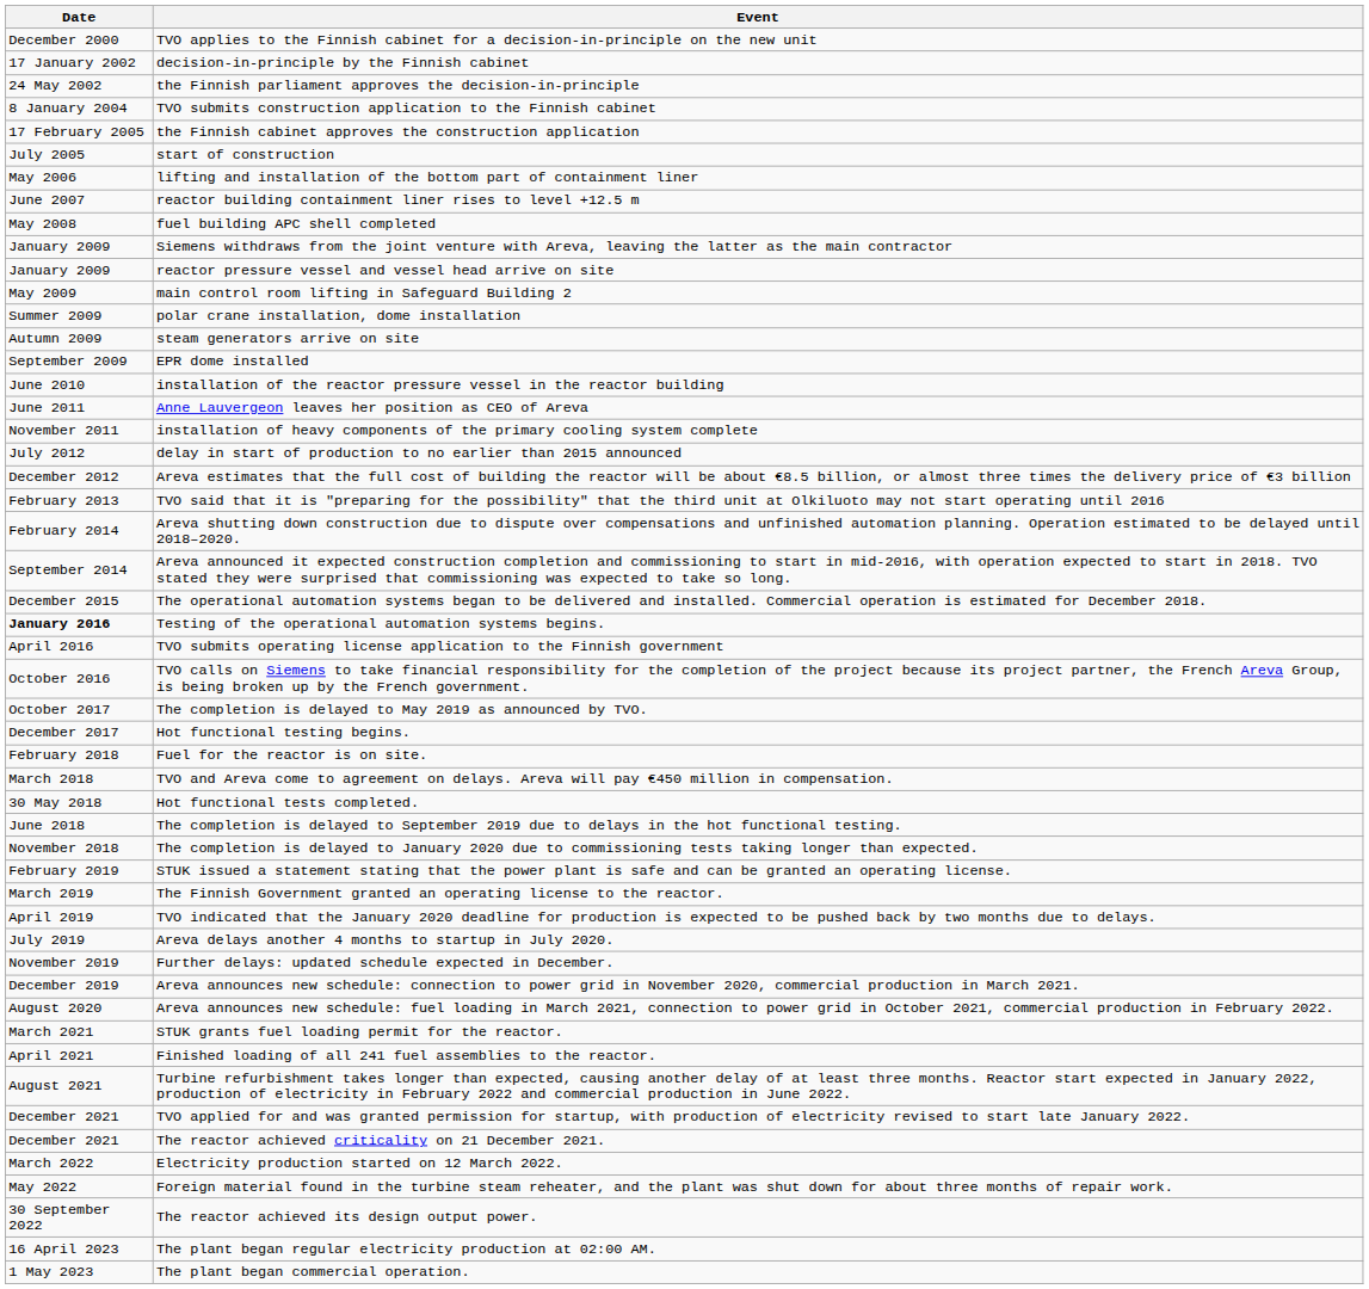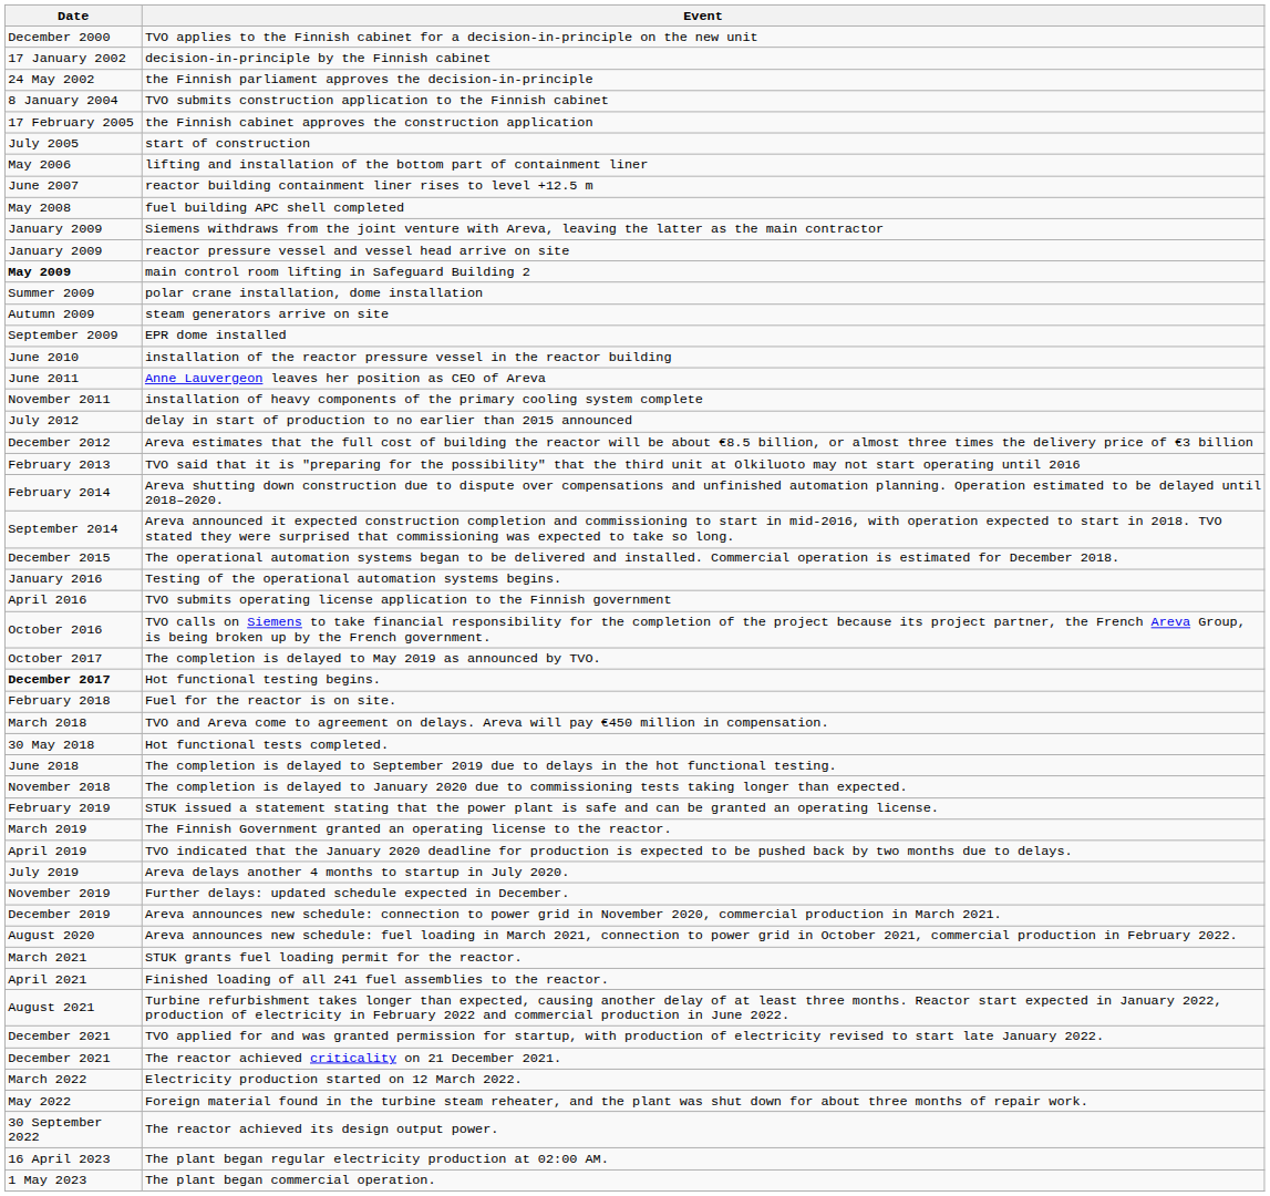 <table class="wikitable">
 <tr>
 <th>Date</th>
 <th>Event</th>
 </tr>
 <tr>
 <td>December 2000</td>
 <td>TVO applies to the Finnish cabinet for a decision-in-principle on the new unit</td>
 </tr>
 <tr>
 <td>17 January 2002</td>
 <td>decision-in-principle by the Finnish cabinet</td>
 </tr>
 <tr>
 <td>24 May 2002</td>
 <td>the Finnish parliament approves the decision-in-principle</td>
 </tr>
 <tr>
 <td>8 January 2004</td>
 <td>TVO submits construction application to the Finnish cabinet</td>
 </tr>
 <tr>
 <td style="white-space: nowrap">17 February 2005</td>
 <td>the Finnish cabinet approves the construction application</td>
 </tr>
 <tr>
 <td>July 2005</td>
 <td>start of construction</td>
 </tr>
 <tr>
 <td>May 2006</td>
 <td>lifting and installation of the bottom part of containment liner</td>
 </tr>
 <tr>
 <td>June 2007</td>
 <td>reactor building containment liner rises to level +12.5 m</td>
 </tr>
 <tr>
 <td>May 2008</td>
 <td>fuel building APC shell completed</td>
 </tr>
 <tr>
 <td>January 2009</td>
 <td>Siemens withdraws from the joint venture with Areva, leaving the latter as the main contractor</td>
 </tr>
 <tr>
 <td>January 2009</td>
 <td>reactor pressure vessel and vessel head arrive on site</td>
 </tr>
 <tr>
-<td>May 2009</td>
+<td><strong>May 2009</strong></td>
 <td>main control room lifting in Safeguard Building 2</td>
 </tr>
 <tr>
 <td>Summer 2009</td>
 <td>polar crane installation, dome installation</td>
 </tr>
 <tr>
 <td>Autumn 2009</td>
 <td>steam generators arrive on site</td>
 </tr>
 <tr>
 <td>September 2009</td>
 <td>EPR dome installed</td>
 </tr>
 <tr>
 <td>June 2010</td>
 <td>installation of the reactor pressure vessel in the reactor building</td>
 </tr>
 <tr>
 <td>June 2011</td>
 <td><a href='#'>Anne Lauvergeon</a> leaves her position as CEO of Areva</td>
 </tr>
 <tr>
 <td>November 2011</td>
 <td>installation of heavy components of the primary cooling system complete</td>
 </tr>
 <tr>
 <td>July 2012</td>
 <td>delay in start of production to no earlier than 2015 announced</td>
 </tr>
 <tr>
 <td>December 2012</td>
 <td>Areva estimates that the full cost of building the reactor will be about €8.5 billion, or almost three times the delivery price of €3 billion</td>
 </tr>
 <tr>
 <td>February 2013</td>
 <td>TVO said that it is "preparing for the possibility" that the third unit at Olkiluoto may not start operating until 2016</td>
 </tr>
 <tr>
 <td>February 2014</td>
 <td>Areva shutting down construction due to dispute over compensations and unfinished automation planning. Operation estimated to be delayed until 2018–2020.</td>
 </tr>
 <tr>
 <td>September 2014</td>
 <td>Areva announced it expected construction completion and commissioning to start in mid-2016, with operation expected to start in 2018. TVO stated they were surprised that commissioning was expected to take so long.</td>
 </tr>
 <tr>
 <td>December 2015</td>
 <td>The operational automation systems began to be delivered and installed. Commercial operation is estimated for December 2018.</td>
 </tr>
 <tr>
-<td><strong>January 2016</strong></td>
+<td>January 2016</td>
 <td>Testing of the operational automation systems begins.</td>
 </tr>
 <tr>
 <td>April 2016</td>
 <td>TVO submits operating license application to the Finnish government </td>
 </tr>
 <tr>
 <td>October 2016</td>
 <td>TVO calls on <a href='#'>Siemens</a> to take financial responsibility for the completion of the project because its project partner, the French <a href='#'>Areva</a> Group, is being broken up by the French government.</td>
 </tr>
 <tr>
 <td>October 2017</td>
 <td>The completion is delayed to May 2019 as announced by TVO.</td>
 </tr>
 <tr>
-<td>December 2017</td>
+<td><strong>December 2017</strong></td>
 <td>Hot functional testing begins.</td>
 </tr>
 <tr>
 <td>February 2018</td>
 <td>Fuel for the reactor is on site.</td>
 </tr>
 <tr>
 <td>March 2018</td>
 <td>TVO and Areva come to agreement on delays. Areva will pay €450 million in compensation.</td>
 </tr>
 <tr>
 <td>30 May 2018</td>
 <td>Hot functional tests completed.</td>
 </tr>
 <tr>
 <td>June 2018</td>
 <td>The completion is delayed to September 2019 due to delays in the hot functional testing.</td>
 </tr>
 <tr>
 <td>November 2018</td>
 <td>The completion is delayed to January 2020 due to commissioning tests taking longer than expected.</td>
 </tr>
 <tr>
 <td>February 2019</td>
 <td>STUK issued a statement stating that the power plant is safe and can be granted an operating license.</td>
 </tr>
 <tr>
 <td>March 2019</td>
 <td>The Finnish Government granted an operating license to the reactor.</td>
 </tr>
 <tr>
 <td>April 2019</td>
 <td>TVO indicated that the January 2020 deadline for production is expected to be pushed back by two months due to delays.</td>
 </tr>
 <tr>
 <td>July 2019</td>
 <td>Areva delays another 4 months to startup in July 2020.</td>
 </tr>
 <tr>
 <td>November 2019</td>
 <td>Further delays: updated schedule expected in December.</td>
 </tr>
 <tr>
 <td>December 2019</td>
 <td>Areva announces new schedule: connection to power grid in November 2020, commercial production in March 2021.</td>
 </tr>
 <tr>
 <td>August 2020</td>
 <td>Areva announces new schedule: fuel loading in March 2021, connection to power grid in October 2021, commercial production in February 2022.</td>
 </tr>
 <tr>
 <td>March 2021</td>
 <td>STUK grants fuel loading permit for the reactor.</td>
 </tr>
 <tr>
 <td>April 2021</td>
 <td>Finished loading of all 241 fuel assemblies to the reactor.</td>
 </tr>
 <tr>
 <td>August 2021</td>
 <td>Turbine refurbishment takes longer than expected, causing another delay of at least three months. Reactor start expected in January 2022, production of electricity in February 2022 and commercial production in June 2022.</td>
 </tr>
 <tr>
 <td>December 2021</td>
 <td>TVO applied for and was granted permission for startup, with production of electricity revised to start late January 2022.</td>
 </tr>
 <tr>
 <td>December 2021</td>
 <td>The reactor achieved <a href='#'>criticality</a> on 21 December 2021.</td>
 </tr>
 <tr>
 <td>March 2022</td>
 <td>Electricity production started on 12 March 2022.</td>
 </tr>
 <tr>
 <td>May 2022</td>
 <td>Foreign material found in the turbine steam reheater, and the plant was shut down for about three months of repair work.</td>
 </tr>
 <tr>
 <td>30 September 2022</td>
 <td>The reactor achieved its design output power.</td>
 </tr>
 <tr>
 <td>16 April 2023</td>
 <td>The plant began regular electricity production at 02:00 AM.</td>
 </tr>
 <tr>
 <td>1 May 2023</td>
 <td>The plant began commercial operation.</td>
 </tr>
 </table>
